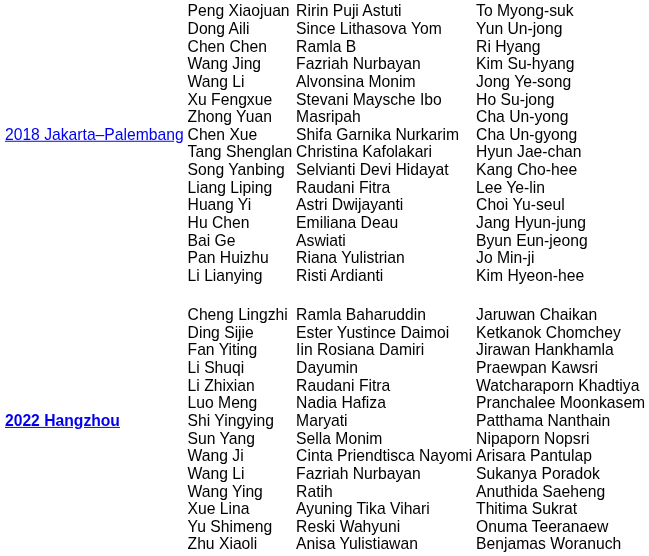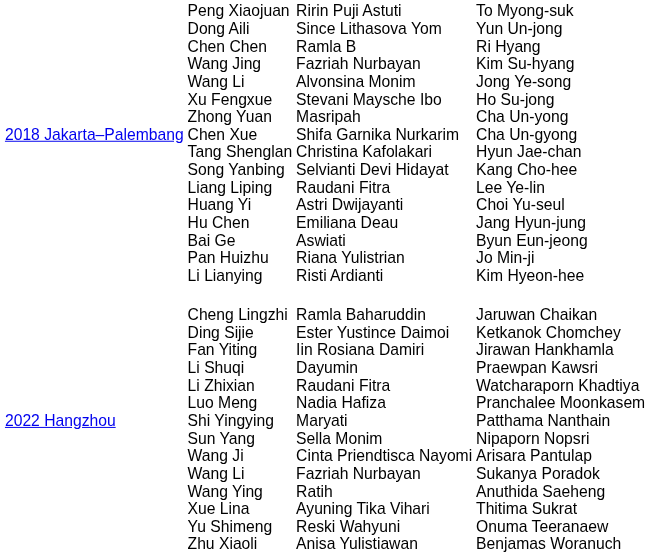 <table>
 <tr>
 <td><a href='#'>2018 Jakarta–Palembang</a></td>
 <td><br>Peng Xiaojuan<br>Dong Aili<br>Chen Chen<br>Wang Jing<br>Wang Li<br>Xu Fengxue<br>Zhong Yuan<br>Chen Xue<br>Tang Shenglan<br>Song Yanbing<br>Liang Liping<br>Huang Yi<br>Hu Chen<br>Bai Ge<br>Pan Huizhu<br>Li Lianying</td>
 <td><br>Ririn Puji Astuti<br>Since Lithasova Yom<br>Ramla B<br>Fazriah Nurbayan<br>Alvonsina Monim<br>Stevani Maysche Ibo<br>Masripah<br>Shifa Garnika Nurkarim<br>Christina Kafolakari<br>Selvianti Devi Hidayat<br>Raudani Fitra<br>Astri Dwijayanti<br>Emiliana Deau<br>Aswiati<br>Riana Yulistrian<br>Risti Ardianti</td>
 <td><br>To Myong-suk<br>Yun Un-jong<br>Ri Hyang<br>Kim Su-hyang<br>Jong Ye-song<br>Ho Su-jong<br>Cha Un-yong<br>Cha Un-gyong<br>Hyun Jae-chan<br>Kang Cho-hee<br>Lee Ye-lin<br>Choi Yu-seul<br>Jang Hyun-jung<br>Byun Eun-jeong<br>Jo Min-ji<br>Kim Hyeon-hee</td>
 </tr>
 <tr>
-<td><strong><a href='#'>2022 Hangzhou</a></strong></td>
+<td><a href='#'>2022 Hangzhou</a></td>
 <td><br>Cheng Lingzhi<br>Ding Sijie<br>Fan Yiting<br>Li Shuqi<br>Li Zhixian<br>Luo Meng<br>Shi Yingying<br>Sun Yang<br>Wang Ji<br>Wang Li<br>Wang Ying<br>Xue Lina<br>Yu Shimeng<br>Zhu Xiaoli</td>
 <td><br>Ramla Baharuddin<br>Ester Yustince Daimoi<br>Iin Rosiana Damiri<br>Dayumin<br>Raudani Fitra<br>Nadia Hafiza<br>Maryati<br>Sella Monim<br>Cinta Priendtisca Nayomi<br>Fazriah Nurbayan<br>Ratih<br>Ayuning Tika Vihari<br>Reski Wahyuni<br>Anisa Yulistiawan</td>
 <td><br>Jaruwan Chaikan<br>Ketkanok Chomchey<br>Jirawan Hankhamla<br>Praewpan Kawsri<br>Watcharaporn Khadtiya<br>Pranchalee Moonkasem<br>Patthama Nanthain<br>Nipaporn Nopsri<br>Arisara Pantulap<br>Sukanya Poradok<br>Anuthida Saeheng<br>Thitima Sukrat<br>Onuma Teeranaew<br>Benjamas Woranuch</td>
 </tr>
 </table>
